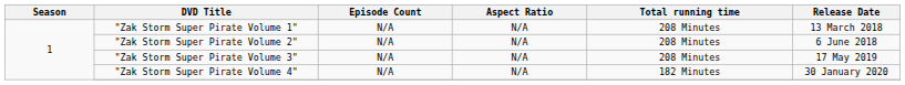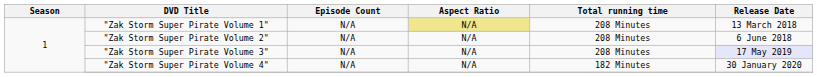 <table class="wikitable" width="100%" style="vertical-align:top">
 <tr>
 <th width="10%">Season</th>
 <th colspan="2" width="25%">DVD Title</th>
 <th width="15%">Episode Count</th>
 <th width="15%">Aspect Ratio</th>
 <th width="23%">Total running time</th>
 <th width="12%">Release Date</th>
 </tr>
 <tr>
 <td rowspan="6" align="center">1</td>
 <td colspan="2" align="center">"Zak Storm Super Pirate Volume 1"</td>
 <td rowspan="1" align="center">N/A</td>
-<td rowspan="1" align="center">N/A</td>
+<td rowspan="1" align="center" style="background: khaki;">N/A</td>
 <td align="center">208 Minutes</td>
 <td align="center">13 March 2018</td>
 </tr>
 <tr>
 <td colspan="2" align="center">"Zak Storm Super Pirate Volume 2"</td>
 <td rowspan="1" align="center">N/A</td>
 <td rowspan="1" align="center">N/A</td>
 <td align="center">208 Minutes</td>
 <td align="center">6 June 2018</td>
 </tr>
 <tr>
 <td colspan="2" align="center">"Zak Storm Super Pirate Volume 3"</td>
 <td rowspan="1" align="center">N/A</td>
 <td rowspan="1" align="center">N/A</td>
 <td align="center">208 Minutes</td>
-<td align="center">17 May 2019</td>
+<td align="center" style="background: lavender;">17 May 2019</td>
 </tr>
 <tr>
 <td colspan="2" align="center">"Zak Storm Super Pirate Volume 4"</td>
 <td rowspan="1" align="center">N/A</td>
 <td rowspan="1" align="center">N/A</td>
 <td align="center">182 Minutes</td>
 <td align="center">30 January 2020</td>
 </tr>
 <tr>
 </tr>
 </table>
